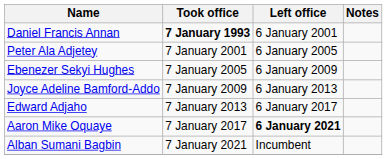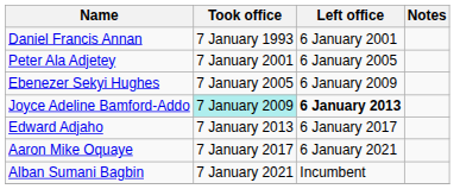 <table class="wikitable">
 <tr>
 <th>Name</th>
 <th>Took office</th>
 <th>Left office</th>
 <th>Notes</th>
 </tr>
 <tr>
 <td><a href='#'>Daniel Francis Annan</a></td>
-<td><strong>7 January 1993</strong></td>
+<td>7 January 1993</td>
 <td>6 January 2001</td>
 <td></td>
 </tr>
 <tr>
 <td><a href='#'>Peter Ala Adjetey</a></td>
 <td>7 January 2001</td>
 <td>6 January 2005</td>
 <td></td>
 </tr>
 <tr>
 <td><a href='#'>Ebenezer Sekyi Hughes</a></td>
 <td>7 January 2005</td>
 <td>6 January 2009</td>
 <td></td>
 </tr>
 <tr>
 <td><a href='#'>Joyce Adeline Bamford-Addo</a></td>
-<td>7 January 2009</td>
-<td>6 January 2013</td>
+<td style="background: paleturquoise;">7 January 2009</td>
+<td><strong>6 January 2013</strong></td>
 <td></td>
 </tr>
 <tr>
 <td><a href='#'>Edward Adjaho</a></td>
 <td>7 January 2013</td>
 <td>6 January 2017</td>
 <td></td>
 </tr>
 <tr>
 <td><a href='#'>Aaron Mike Oquaye</a></td>
 <td>7 January 2017</td>
-<td><strong>6 January 2021</strong></td>
+<td>6 January 2021</td>
 <td></td>
 </tr>
 <tr>
 <td><a href='#'>Alban Sumani Bagbin</a></td>
 <td>7 January 2021</td>
 <td>Incumbent</td>
 <td></td>
 </tr>
 <tr>
 </tr>
 </table>
